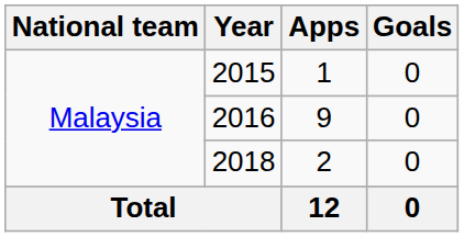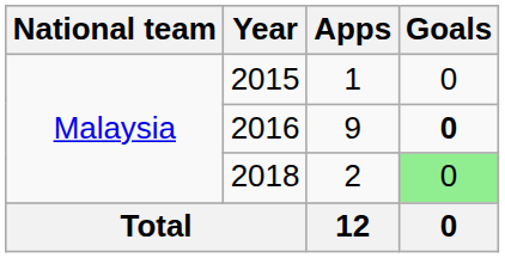 <table class=wikitable style="text-align: center;">
 <tr>
 <th>National team</th>
 <th>Year</th>
 <th>Apps</th>
 <th>Goals</th>
 </tr>
 <tr>
 <td rowspan=3><a href='#'>Malaysia</a></td>
 <td>2015</td>
 <td>1</td>
 <td>0</td>
 </tr>
 <tr>
 <td>2016</td>
 <td>9</td>
-<td>0</td>
+<td><strong>0</strong></td>
 </tr>
 <tr>
 <td>2018</td>
 <td>2</td>
-<td>0</td>
+<td style="background: lightgreen;">0</td>
 </tr>
 <tr>
 <th colspan=2>Total</th>
 <th>12</th>
 <th>0</th>
 </tr>
 </table>
